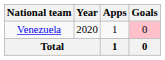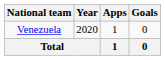 <table class="wikitable" style="text-align:center">
 <tr>
 <th>National team</th>
 <th>Year</th>
 <th>Apps</th>
 <th>Goals</th>
 </tr>
 <tr>
 <td rowspan="1"><a href='#'>Venezuela</a></td>
 <td>2020</td>
 <td>1</td>
-<td style="background: pink;">0</td>
+<td>0</td>
 </tr>
 <tr>
 <th colspan=2>Total</th>
 <th>1</th>
 <th>0</th>
 </tr>
 </table>
